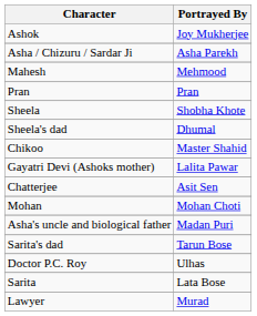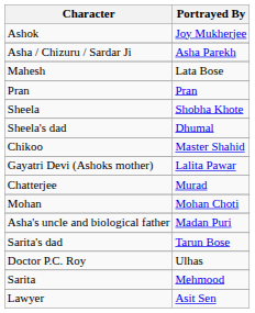 <table class="wikitable">
 <tr>
 <th Rowspan=1>Character</th>
 <th colspan="2">Portrayed By</th>
 </tr>
 <tr>
 <td>Ashok</td>
 <td><a href='#'>Joy Mukherjee</a></td>
 </tr>
 <tr>
 </tr>
 <tr>
 <td>Asha / Chizuru / Sardar Ji</td>
 <td><a href='#'>Asha Parekh</a></td>
 </tr>
 <tr>
 </tr>
 <tr>
 <td>Mahesh</td>
-<td><a href='#'>Mehmood</a></td>
+<td>Lata Bose</td>
 </tr>
 <tr>
 </tr>
 <tr>
 <td>Pran</td>
 <td><a href='#'>Pran</a></td>
 </tr>
 <tr>
 </tr>
 <tr>
 <td>Sheela</td>
 <td><a href='#'>Shobha Khote</a></td>
 </tr>
 <tr>
 </tr>
 <tr>
 <td>Sheela's dad</td>
 <td><a href='#'>Dhumal</a></td>
 </tr>
 <tr>
 </tr>
 <tr>
 <td>Chikoo</td>
 <td><a href='#'>Master Shahid</a></td>
 </tr>
 <tr>
 </tr>
 <tr>
 <td>Gayatri Devi (Ashoks mother)</td>
 <td><a href='#'>Lalita Pawar</a></td>
 </tr>
 <tr>
 </tr>
 <tr>
 <td>Chatterjee</td>
-<td><a href='#'>Asit Sen</a></td>
+<td><a href='#'>Murad</a></td>
 </tr>
 <tr>
 </tr>
 <tr>
 <td>Mohan</td>
 <td><a href='#'>Mohan Choti</a></td>
 </tr>
 <tr>
 </tr>
 <tr>
 <td>Asha's uncle and biological father</td>
 <td><a href='#'>Madan Puri</a></td>
 </tr>
 <tr>
 </tr>
 <tr>
 <td>Sarita's dad</td>
 <td><a href='#'>Tarun Bose</a></td>
 </tr>
 <tr>
 </tr>
 <tr>
 <td>Doctor P.C. Roy</td>
 <td>Ulhas</td>
 </tr>
 <tr>
 </tr>
 <tr>
 <td>Sarita</td>
-<td>Lata Bose</td>
+<td><a href='#'>Mehmood</a></td>
 </tr>
 <tr>
 </tr>
 <tr>
 <td>Lawyer</td>
-<td><a href='#'>Murad</a></td>
+<td><a href='#'>Asit Sen</a></td>
 </tr>
 </table>
